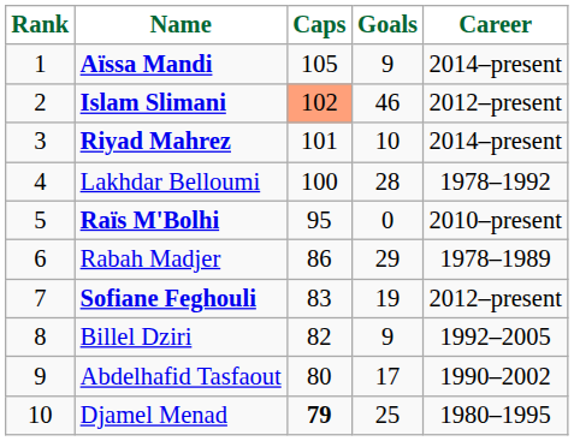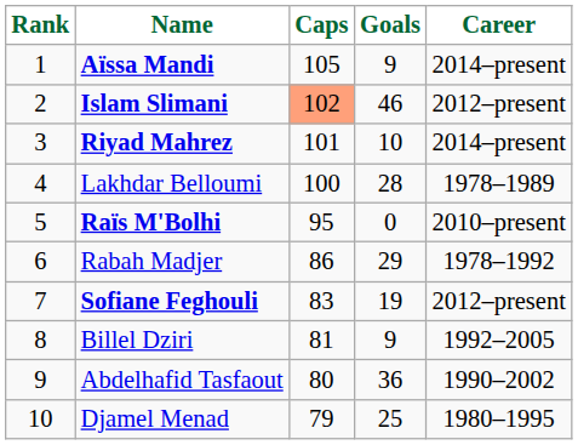 <table class="wikitable sortable" style="text-align:center">
 <tr>
 <th style="background:white; color:#006633; ">Rank</th>
 <th style="background:white; color:#006633; ">Name</th>
 <th style="background:white; color:#006633; ">Caps</th>
 <th style="background:white; color:#006633; ">Goals</th>
 <th style="background:white; color:#006633; ">Career</th>
 </tr>
 <tr>
 <td>1</td>
 <td style="text-align:left"><strong><a href='#'>Aïssa Mandi</a></strong></td>
 <td>105</td>
 <td>9</td>
 <td>2014–present</td>
 </tr>
 <tr>
 <td>2</td>
 <td style="text-align:left"><strong><a href='#'>Islam Slimani</a></strong></td>
 <td style="background: lightsalmon;">102</td>
 <td>46</td>
 <td>2012–present</td>
 </tr>
 <tr>
 <td>3</td>
 <td style="text-align:left"><strong><a href='#'>Riyad Mahrez</a></strong></td>
 <td>101</td>
 <td>10</td>
 <td>2014–present</td>
 </tr>
 <tr>
 <td>4</td>
 <td style="text-align:left"><a href='#'>Lakhdar Belloumi</a></td>
 <td>100</td>
 <td>28</td>
-<td>1978–1992</td>
+<td>1978–1989</td>
 </tr>
 <tr>
 <td>5</td>
 <td style="text-align:left"><strong><a href='#'>Raïs M'Bolhi</a></strong></td>
 <td>95</td>
 <td>0</td>
 <td>2010–present</td>
 </tr>
 <tr>
 <td>6</td>
 <td style="text-align:left"><a href='#'>Rabah Madjer</a></td>
 <td>86</td>
 <td>29</td>
-<td>1978–1989</td>
+<td>1978–1992</td>
 </tr>
 <tr>
 <td>7</td>
 <td style="text-align:left"><strong><a href='#'>Sofiane Feghouli</a></strong></td>
 <td>83</td>
 <td>19</td>
 <td>2012–present</td>
 </tr>
 <tr>
 <td>8</td>
 <td style="text-align:left"><a href='#'>Billel Dziri</a></td>
-<td>82</td>
+<td>81</td>
 <td>9</td>
 <td>1992–2005</td>
 </tr>
 <tr>
 <td>9</td>
 <td style="text-align:left"><a href='#'>Abdelhafid Tasfaout</a></td>
 <td>80</td>
-<td>17</td>
+<td>36</td>
 <td>1990–2002</td>
 </tr>
 <tr>
 <td>10</td>
 <td style="text-align:left"><a href='#'>Djamel Menad</a></td>
-<td><strong>79</strong></td>
+<td>79</td>
 <td>25</td>
 <td>1980–1995</td>
 </tr>
 </table>
